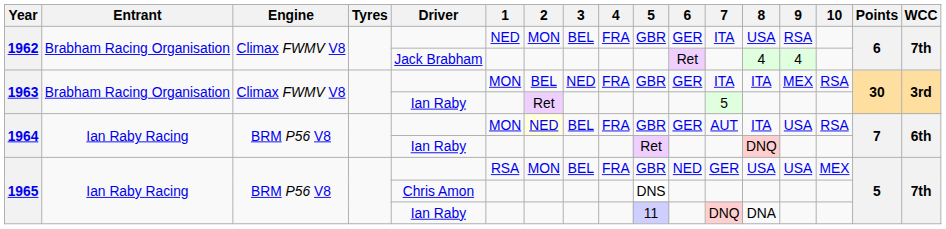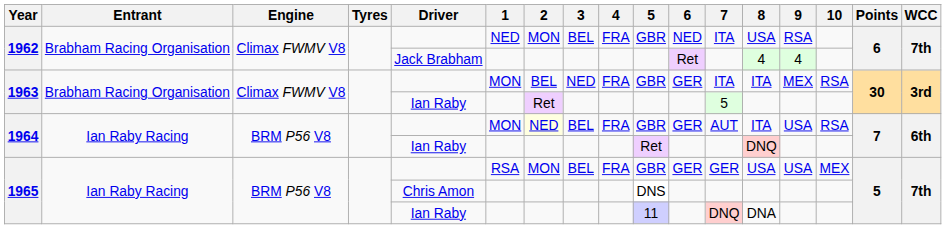 <table class="wikitable" style="text-align:center; font-size:95%">
 <tr>
 <th>Year</th>
 <th>Entrant</th>
 <th>Engine</th>
 <th>Tyres</th>
 <th>Driver</th>
 <th>1</th>
 <th>2</th>
 <th>3</th>
 <th>4</th>
 <th>5</th>
 <th>6</th>
 <th>7</th>
 <th>8</th>
 <th>9</th>
 <th>10</th>
 <th>Points</th>
 <th>WCC</th>
 </tr>
 <tr>
 <th rowspan="2"><a href='#'>1962</a></th>
 <td rowspan="2"><a href='#'>Brabham Racing Organisation</a></td>
 <td rowspan="2"><a href='#'>Climax</a> <em>FWMV</em> <a href='#'>V8</a></td>
 <td rowspan="2"></td>
 <td></td>
 <td><a href='#'>NED</a></td>
 <td><a href='#'>MON</a></td>
 <td><a href='#'>BEL</a></td>
 <td><a href='#'>FRA</a></td>
 <td><a href='#'>GBR</a></td>
-<td><a href='#'>GER</a></td>
+<td><a href='#'>NED</a></td>
 <td><a href='#'>ITA</a></td>
 <td><a href='#'>USA</a></td>
 <td><a href='#'>RSA</a></td>
 <td></td>
 <th rowspan="2">6</th>
 <th rowspan="2">7th</th>
 </tr>
 <tr>
 <td><a href='#'>Jack Brabham</a></td>
 <td></td>
 <td></td>
 <td></td>
 <td></td>
 <td></td>
 <td style="background:#EFCFFF;">Ret</td>
 <td></td>
 <td style="background:#DFFFDF;">4</td>
 <td style="background:#DFFFDF;">4</td>
 <td></td>
 </tr>
 <tr>
 <th rowspan="2"><a href='#'>1963</a></th>
 <td rowspan="2"><a href='#'>Brabham Racing Organisation</a></td>
 <td rowspan="2"><a href='#'>Climax</a> <em>FWMV</em> <a href='#'>V8</a></td>
 <td rowspan="2"></td>
 <td></td>
 <td><a href='#'>MON</a></td>
 <td><a href='#'>BEL</a></td>
 <td><a href='#'>NED</a></td>
 <td><a href='#'>FRA</a></td>
 <td><a href='#'>GBR</a></td>
 <td><a href='#'>GER</a></td>
 <td><a href='#'>ITA</a></td>
 <td><a href='#'>ITA</a></td>
 <td><a href='#'>MEX</a></td>
 <td><a href='#'>RSA</a></td>
 <td rowspan="2" style="background:#FFDF9F;"><strong>30</strong></td>
 <td rowspan="2" style="background:#FFDF9F;"><strong>3rd</strong></td>
 </tr>
 <tr>
 <td><a href='#'>Ian Raby</a></td>
 <td></td>
 <td style="background:#EFCFFF;">Ret</td>
 <td></td>
 <td></td>
 <td></td>
 <td></td>
 <td style="background:#DFFFDF;">5</td>
 <td></td>
 <td></td>
 <td></td>
 </tr>
 <tr>
 <th rowspan="2"><a href='#'>1964</a></th>
 <td rowspan="2"><a href='#'>Ian Raby Racing</a></td>
 <td rowspan="2"><a href='#'>BRM</a> <em>P56</em> <a href='#'>V8</a></td>
 <td rowspan="2"></td>
 <td></td>
 <td><a href='#'>MON</a></td>
 <td style="background: lightyellow;"><a href='#'>NED</a></td>
 <td><a href='#'>BEL</a></td>
 <td><a href='#'>FRA</a></td>
 <td><a href='#'>GBR</a></td>
 <td><a href='#'>GER</a></td>
 <td><a href='#'>AUT</a></td>
 <td><a href='#'>ITA</a></td>
 <td><a href='#'>USA</a></td>
 <td><a href='#'>RSA</a></td>
 <th rowspan="2">7</th>
 <th rowspan="2">6th</th>
 </tr>
 <tr>
 <td><a href='#'>Ian Raby</a></td>
 <td></td>
 <td></td>
 <td></td>
 <td></td>
 <td style="background:#EFCFFF;">Ret</td>
 <td></td>
 <td></td>
 <td style="background:#FFCFCF;">DNQ</td>
 <td></td>
 <td></td>
 </tr>
 <tr>
 <th rowspan="3"><a href='#'>1965</a></th>
 <td rowspan="3"><a href='#'>Ian Raby Racing</a></td>
 <td rowspan="3"><a href='#'>BRM</a> <em>P56</em> <a href='#'>V8</a></td>
 <td rowspan="3"></td>
 <td></td>
 <td><a href='#'>RSA</a></td>
 <td><a href='#'>MON</a></td>
 <td><a href='#'>BEL</a></td>
 <td><a href='#'>FRA</a></td>
 <td><a href='#'>GBR</a></td>
-<td><a href='#'>NED</a></td>
+<td><a href='#'>GER</a></td>
 <td><a href='#'>GER</a></td>
 <td><a href='#'>USA</a></td>
 <td><a href='#'>USA</a></td>
 <td><a href='#'>MEX</a></td>
 <th rowspan="3">5</th>
 <th rowspan="3">7th</th>
 </tr>
 <tr>
 <td><a href='#'>Chris Amon</a></td>
 <td></td>
 <td></td>
 <td></td>
 <td></td>
 <td style="background:#FFFFFF;">DNS</td>
 <td></td>
 <td></td>
 <td></td>
 <td></td>
 <td></td>
 </tr>
 <tr>
 <td><a href='#'>Ian Raby</a></td>
 <td></td>
 <td></td>
 <td></td>
 <td></td>
 <td style="background:#CFCFFF;">11</td>
 <td></td>
 <td style="background:#FFCFCF;">DNQ</td>
 <td>DNA</td>
 <td></td>
 <td></td>
 </tr>
 </table>
